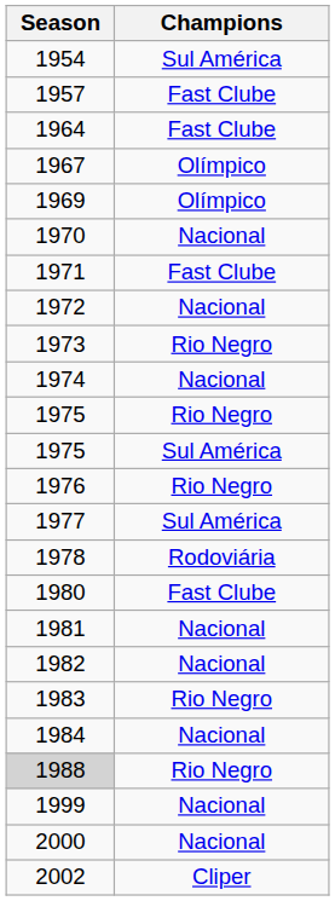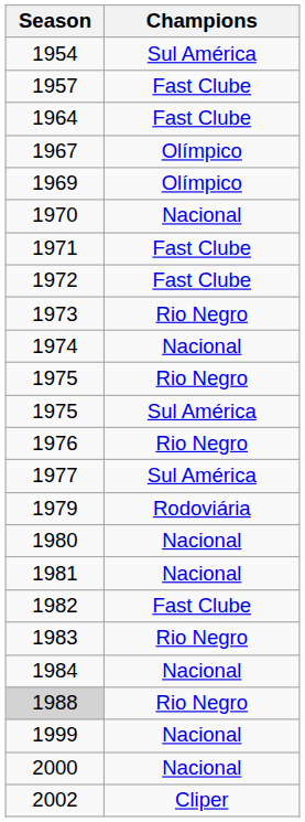 <table class="wikitable" style="text-align:center; margin-left:1em;">
 <tr>
 <th style="width:70px">Season</th>
 <th style="width:145px">Champions</th>
 </tr>
 <tr>
 <td>1954</td>
 <td><a href='#'>Sul América</a></td>
 </tr>
 <tr>
 <td>1957</td>
 <td><a href='#'>Fast Clube</a></td>
 </tr>
 <tr>
 <td>1964</td>
 <td><a href='#'>Fast Clube</a></td>
 </tr>
 <tr>
 <td>1967</td>
 <td><a href='#'>Olímpico</a></td>
 </tr>
 <tr>
 <td>1969</td>
 <td><a href='#'>Olímpico</a></td>
 </tr>
 <tr>
 <td>1970</td>
 <td><a href='#'>Nacional</a></td>
 </tr>
 <tr>
 <td>1971</td>
 <td><a href='#'>Fast Clube</a></td>
 </tr>
 <tr>
 <td>1972</td>
-<td><a href='#'>Nacional</a></td>
+<td><a href='#'>Fast Clube</a></td>
 </tr>
 <tr>
 <td>1973</td>
 <td><a href='#'>Rio Negro</a></td>
 </tr>
 <tr>
 <td>1974</td>
 <td><a href='#'>Nacional</a></td>
 </tr>
 <tr>
 <td>1975</td>
 <td><a href='#'>Rio Negro</a></td>
 </tr>
 <tr>
 <td>1975</td>
 <td><a href='#'>Sul América</a></td>
 </tr>
 <tr>
 <td>1976</td>
 <td><a href='#'>Rio Negro</a></td>
 </tr>
 <tr>
 <td>1977</td>
 <td><a href='#'>Sul América</a></td>
 </tr>
 <tr>
-<td>1978</td>
+<td>1979</td>
 <td><a href='#'>Rodoviária</a></td>
 </tr>
 <tr>
 <td>1980</td>
-<td><a href='#'>Fast Clube</a></td>
+<td><a href='#'>Nacional</a></td>
 </tr>
 <tr>
 <td>1981</td>
 <td><a href='#'>Nacional</a></td>
 </tr>
 <tr>
 <td>1982</td>
-<td><a href='#'>Nacional</a></td>
+<td><a href='#'>Fast Clube</a></td>
 </tr>
 <tr>
 <td>1983</td>
 <td><a href='#'>Rio Negro</a></td>
 </tr>
 <tr>
 <td>1984</td>
 <td><a href='#'>Nacional</a></td>
 </tr>
 <tr>
 <td style="background: lightgrey;">1988</td>
 <td><a href='#'>Rio Negro</a></td>
 </tr>
 <tr>
 <td>1999</td>
 <td><a href='#'>Nacional</a></td>
 </tr>
 <tr>
 <td>2000</td>
 <td><a href='#'>Nacional</a></td>
 </tr>
 <tr>
 <td>2002</td>
 <td><a href='#'>Cliper</a></td>
 </tr>
 </table>
